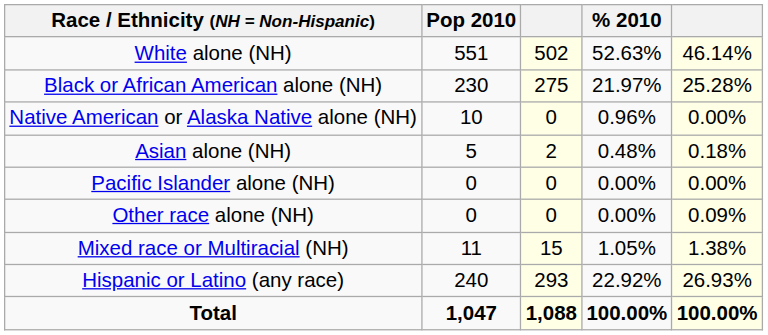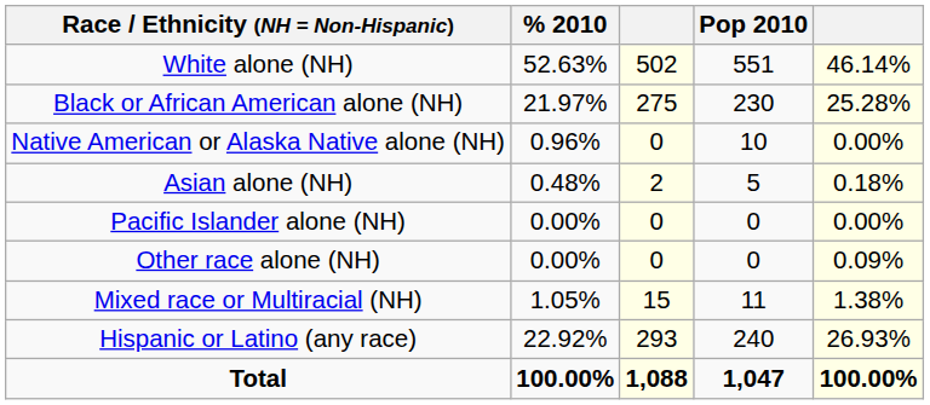 <table class="wikitable" style="text-align:center;">
 <tr>
 <th>Race / Ethnicity <small>(<em>NH = Non-Hispanic</em>)</small></th>
+<th>% 2010</th>
+<th></th>
 <th>Pop 2010</th>
-<th></th>
-<th>% 2010</th>
 <th></th>
 </tr>
 <tr>
 <td><a href='#'>White</a> alone (NH)</td>
+<td>52.63%</td>
+<td style='background: #ffffe6;'>502</td>
 <td>551</td>
-<td style='background: #ffffe6;'>502</td>
-<td>52.63%</td>
 <td style='background: #ffffe6;'>46.14%</td>
 </tr>
 <tr>
 <td><a href='#'>Black or African American</a> alone (NH)</td>
+<td>21.97%</td>
+<td style='background: #ffffe6;'>275</td>
 <td>230</td>
-<td style='background: #ffffe6;'>275</td>
-<td>21.97%</td>
 <td style='background: #ffffe6;'>25.28%</td>
 </tr>
 <tr>
 <td><a href='#'>Native American</a> or <a href='#'>Alaska Native</a> alone (NH)</td>
+<td>0.96%</td>
+<td style='background: #ffffe6;'>0</td>
 <td>10</td>
-<td style='background: #ffffe6;'>0</td>
-<td>0.96%</td>
 <td style='background: #ffffe6;'>0.00%</td>
 </tr>
 <tr>
 <td><a href='#'>Asian</a> alone (NH)</td>
+<td>0.48%</td>
+<td style='background: #ffffe6;'>2</td>
 <td>5</td>
-<td style='background: #ffffe6;'>2</td>
-<td>0.48%</td>
 <td style='background: #ffffe6;'>0.18%</td>
 </tr>
 <tr>
 <td><a href='#'>Pacific Islander</a> alone (NH)</td>
+<td>0.00%</td>
+<td style='background: #ffffe6;'>0</td>
 <td>0</td>
-<td style='background: #ffffe6;'>0</td>
-<td>0.00%</td>
 <td style='background: #ffffe6;'>0.00%</td>
 </tr>
 <tr>
 <td><a href='#'>Other race</a> alone (NH)</td>
+<td>0.00%</td>
+<td style='background: #ffffe6;'>0</td>
 <td>0</td>
-<td style='background: #ffffe6;'>0</td>
-<td>0.00%</td>
 <td style='background: #ffffe6;'>0.09%</td>
 </tr>
 <tr>
 <td><a href='#'>Mixed race or Multiracial</a> (NH)</td>
+<td>1.05%</td>
+<td style='background: #ffffe6;'>15</td>
 <td>11</td>
-<td style='background: #ffffe6;'>15</td>
-<td>1.05%</td>
 <td style='background: #ffffe6;'>1.38%</td>
 </tr>
 <tr>
 <td><a href='#'>Hispanic or Latino</a> (any race)</td>
+<td>22.92%</td>
+<td style='background: #ffffe6;'>293</td>
 <td>240</td>
-<td style='background: #ffffe6;'>293</td>
-<td>22.92%</td>
 <td style='background: #ffffe6;'>26.93%</td>
 </tr>
 <tr>
 <td><strong>Total</strong></td>
+<td><strong>100.00%</strong></td>
+<td style='background: #ffffe6;'><strong>1,088</strong></td>
 <td><strong>1,047</strong></td>
-<td style='background: #ffffe6;'><strong>1,088</strong></td>
-<td><strong>100.00%</strong></td>
 <td style='background: #ffffe6;'><strong>100.00%</strong></td>
 </tr>
 </table>
